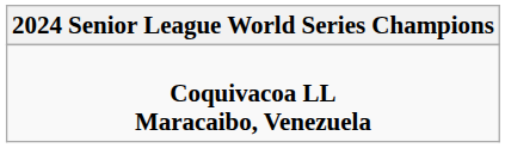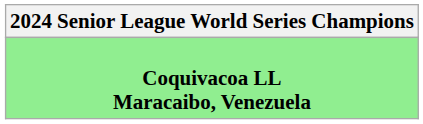 <table class="wikitable" style="text-align: center; margin: 0 auto;">
 <tr>
 <th>2024 Senior League World Series Champions</th>
 </tr>
 <tr>
 </tr>
 <tr>
-<td><br><strong>Coquivacoa LL</strong><br> <strong>Maracaibo, Venezuela</strong></td>
+<td style="background: lightgreen;"><br><strong>Coquivacoa LL</strong><br> <strong>Maracaibo, Venezuela</strong></td>
 </tr>
 </table>
